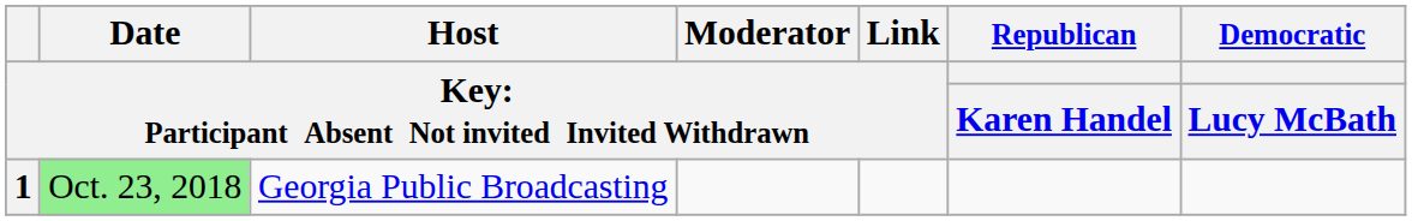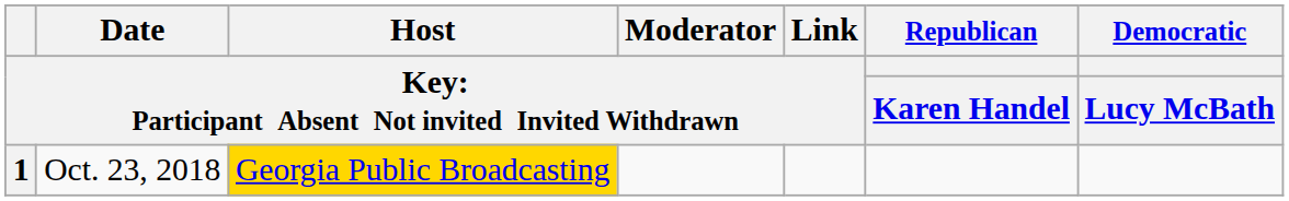 <table class="wikitable" style="text-align:center;">
 <tr>
 <th scope="col"></th>
 <th scope="col">Date</th>
 <th scope="col">Host</th>
 <th scope="col">Moderator</th>
 <th scope="col">Link</th>
 <th scope="col"><small><a href='#'>Republican</a></small></th>
 <th scope="col"><small><a href='#'>Democratic</a></small></th>
 </tr>
 <tr>
 <th colspan="5" rowspan="2">Key:<br> <small>Participant </small>  <small>Absent </small>  <small>Not invited </small>  <small>Invited  Withdrawn</small></th>
 <th scope="col" style="background:"></th>
 <th scope="col" style="background:"></th>
 </tr>
 <tr>
 <th scope="col"><a href='#'>Karen Handel</a></th>
 <th scope="col"><a href='#'>Lucy McBath</a></th>
 </tr>
 <tr>
 <th>1</th>
-<td style="background: lightgreen; white-space:nowrap;">Oct. 23, 2018</td>
-<td style="white-space:nowrap;"><a href='#'>Georgia Public Broadcasting</a></td>
+<td style="white-space:nowrap;">Oct. 23, 2018</td>
+<td style="background: gold; white-space:nowrap;"><a href='#'>Georgia Public Broadcasting</a></td>
 <td style="white-space:nowrap;"></td>
 <td style="white-space:nowrap;"></td>
 <td></td>
 <td></td>
 </tr>
 </table>
